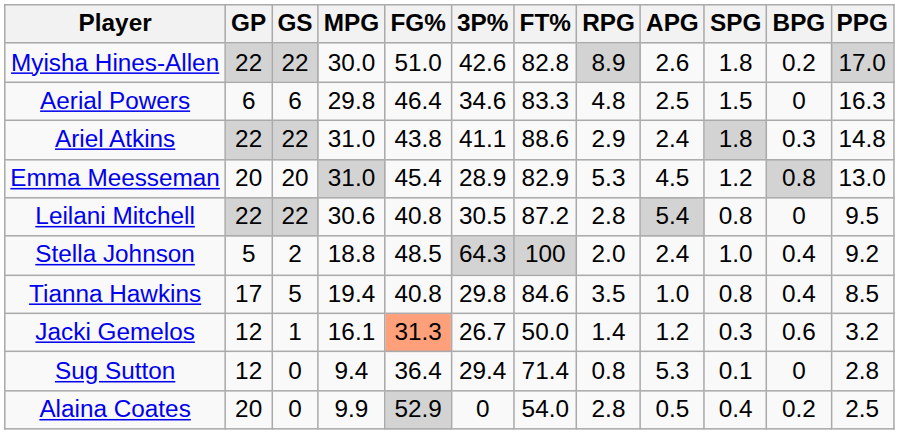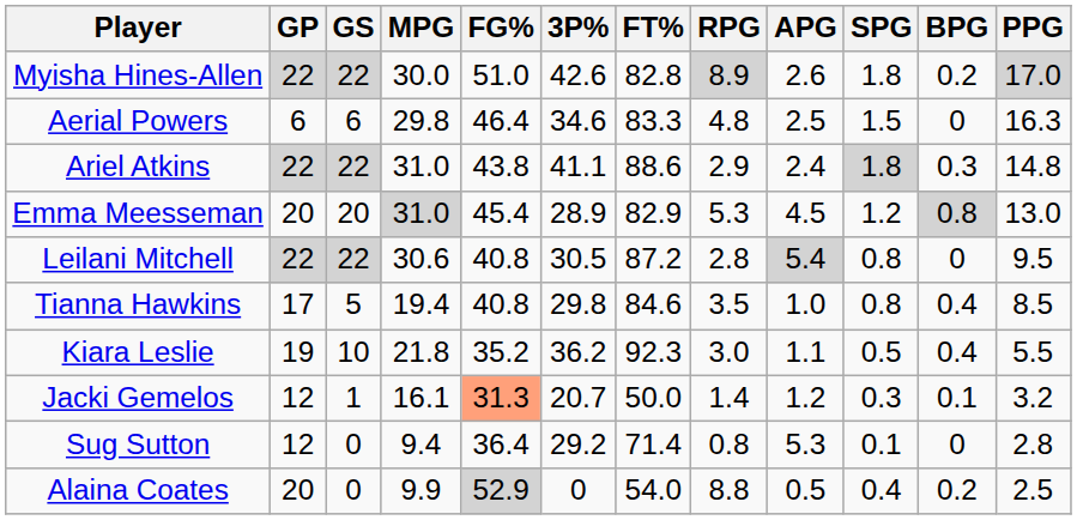 <table class="wikitable sortable" style="text-align:center;">
 <tr>
 <th>Player</th>
 <th>GP</th>
 <th>GS</th>
 <th>MPG</th>
 <th>FG%</th>
 <th>3P%</th>
 <th>FT%</th>
 <th>RPG</th>
 <th>APG</th>
 <th>SPG</th>
 <th>BPG</th>
 <th>PPG</th>
 </tr>
 <tr>
 <td><a href='#'>Myisha Hines-Allen</a></td>
 <td style="background:#D3D3D3;">22</td>
 <td style="background:#D3D3D3;">22</td>
 <td>30.0</td>
 <td>51.0</td>
 <td>42.6</td>
 <td>82.8</td>
 <td style="background:#D3D3D3;">8.9</td>
 <td>2.6</td>
 <td>1.8</td>
 <td>0.2</td>
 <td style="background:#D3D3D3;">17.0</td>
 </tr>
 <tr>
 <td><a href='#'>Aerial Powers</a></td>
 <td>6</td>
 <td>6</td>
 <td>29.8</td>
 <td>46.4</td>
 <td>34.6</td>
 <td>83.3</td>
 <td>4.8</td>
 <td>2.5</td>
 <td>1.5</td>
 <td>0</td>
 <td>16.3</td>
 </tr>
 <tr>
 <td><a href='#'>Ariel Atkins</a></td>
 <td style="background:#D3D3D3;">22</td>
 <td style="background:#D3D3D3;">22</td>
 <td>31.0</td>
 <td>43.8</td>
 <td>41.1</td>
 <td>88.6</td>
 <td>2.9</td>
 <td>2.4</td>
 <td style="background:#D3D3D3;">1.8</td>
 <td>0.3</td>
 <td>14.8</td>
 </tr>
 <tr>
 <td><a href='#'>Emma Meesseman</a></td>
 <td>20</td>
 <td>20</td>
 <td style="background:#D3D3D3;">31.0</td>
 <td>45.4</td>
 <td>28.9</td>
 <td>82.9</td>
 <td>5.3</td>
 <td>4.5</td>
 <td>1.2</td>
 <td style="background:#D3D3D3;">0.8</td>
 <td>13.0</td>
 </tr>
 <tr>
 <td><a href='#'>Leilani Mitchell</a></td>
 <td style="background:#D3D3D3;">22</td>
 <td style="background:#D3D3D3;">22</td>
 <td>30.6</td>
 <td>40.8</td>
 <td>30.5</td>
 <td>87.2</td>
 <td>2.8</td>
 <td style="background:#D3D3D3;">5.4</td>
 <td>0.8</td>
 <td>0</td>
 <td>9.5</td>
 </tr>
 <tr>
-<td><a href='#'>Stella Johnson</a></td>
-<td>5</td>
-<td>2</td>
-<td>18.8</td>
-<td>48.5</td>
-<td style="background:#D3D3D3;">64.3</td>
-<td style="background:#D3D3D3;">100</td>
-<td>2.0</td>
-<td>2.4</td>
-<td>1.0</td>
-<td>0.4</td>
-<td>9.2</td>
-</tr>
-<tr>
 <td><a href='#'>Tianna Hawkins</a></td>
 <td>17</td>
 <td>5</td>
 <td>19.4</td>
 <td>40.8</td>
 <td>29.8</td>
 <td>84.6</td>
 <td>3.5</td>
 <td>1.0</td>
 <td>0.8</td>
 <td>0.4</td>
 <td>8.5</td>
 </tr>
 <tr>
+<td><a href='#'>Kiara Leslie</a></td>
+<td>19</td>
+<td>10</td>
+<td>21.8</td>
+<td>35.2</td>
+<td>36.2</td>
+<td>92.3</td>
+<td>3.0</td>
+<td>1.1</td>
+<td>0.5</td>
+<td>0.4</td>
+<td>5.5</td>
+</tr>
+<tr>
 <td><a href='#'>Jacki Gemelos</a></td>
 <td>12</td>
 <td>1</td>
 <td>16.1</td>
 <td style="background: lightsalmon;">31.3</td>
-<td>26.7</td>
+<td>20.7</td>
 <td>50.0</td>
 <td>1.4</td>
 <td>1.2</td>
 <td>0.3</td>
-<td>0.6</td>
+<td>0.1</td>
 <td>3.2</td>
 </tr>
 <tr>
 <td><a href='#'>Sug Sutton</a></td>
 <td>12</td>
 <td>0</td>
 <td>9.4</td>
 <td>36.4</td>
-<td>29.4</td>
+<td>29.2</td>
 <td>71.4</td>
 <td>0.8</td>
 <td>5.3</td>
 <td>0.1</td>
 <td>0</td>
 <td>2.8</td>
 </tr>
 <tr>
 <td><a href='#'>Alaina Coates</a></td>
 <td>20</td>
 <td>0</td>
 <td>9.9</td>
 <td style="background:#D3D3D3;">52.9</td>
 <td>0</td>
 <td>54.0</td>
-<td>2.8</td>
+<td>8.8</td>
 <td>0.5</td>
 <td>0.4</td>
 <td>0.2</td>
 <td>2.5</td>
 </tr>
 </table>
